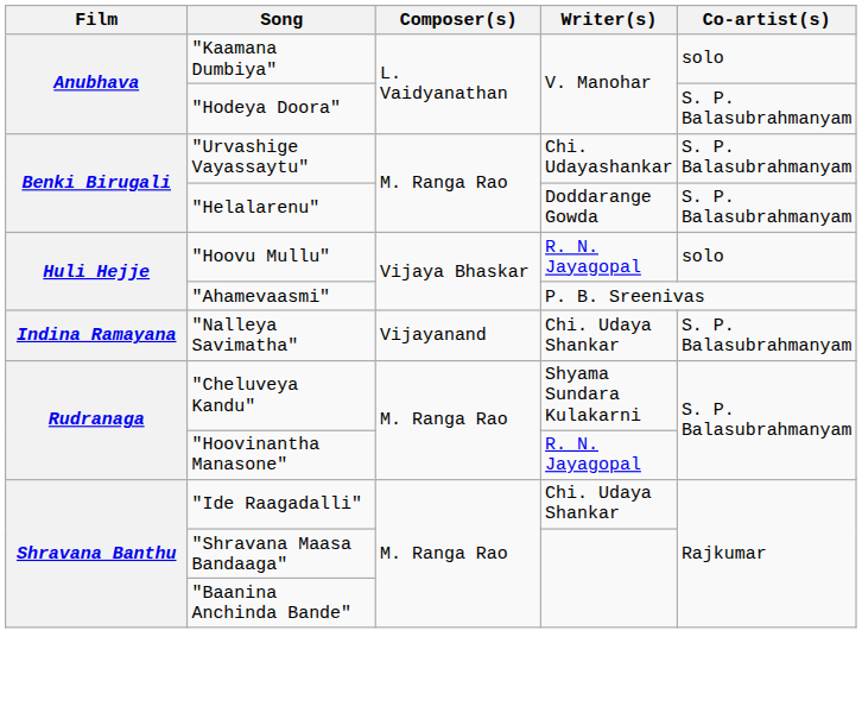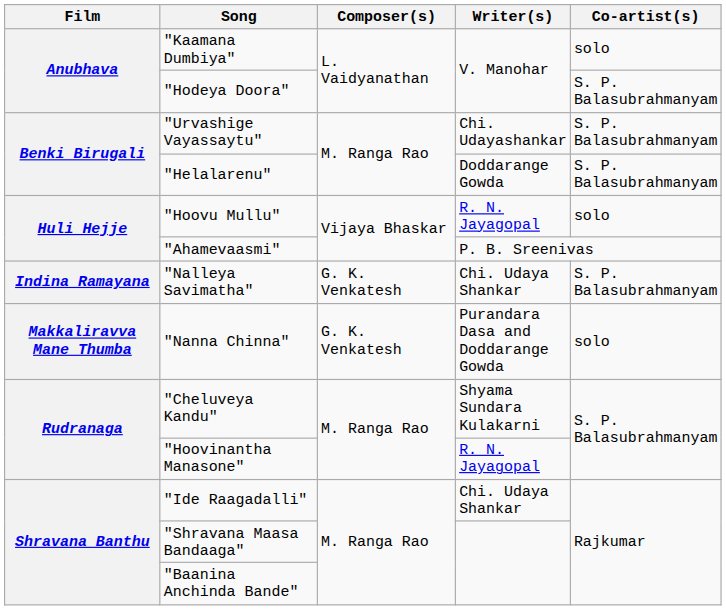 <table class="wikitable plainrowheaders" width="100%" textcolor:#000;">
 <tr style="background:#b0e0e66;">
 <th scope="col" width=23%><strong>Film</strong></th>
 <th scope="col" width=23%><strong>Song</strong></th>
 <th scope="col" width=20%><strong>Composer(s)</strong></th>
 <th scope="col" width=16%><strong>Writer(s)</strong></th>
 <th scope="col" width=18%><strong>Co-artist(s)</strong></th>
 </tr>
 <tr>
 <th Rowspan=2><em><a href='#'>Anubhava</a></em></th>
 <td>"Kaamana Dumbiya"</td>
 <td rowspan=2>L. Vaidyanathan</td>
 <td rowspan=2>V. Manohar</td>
 <td>solo</td>
 </tr>
 <tr>
 <td>"Hodeya Doora"</td>
 <td>S. P. Balasubrahmanyam</td>
 </tr>
 <tr>
 <th Rowspan=2><em><a href='#'>Benki Birugali</a></em></th>
 <td>"Urvashige Vayassaytu"</td>
 <td rowspan=2>M. Ranga Rao</td>
 <td>Chi. Udayashankar</td>
 <td>S. P. Balasubrahmanyam</td>
 </tr>
 <tr>
 <td>"Helalarenu"</td>
 <td>Doddarange Gowda</td>
 <td>S. P. Balasubrahmanyam</td>
 </tr>
 <tr>
 <th Rowspan=2><em><a href='#'>Huli Hejje</a></em></th>
 <td>"Hoovu Mullu"</td>
 <td Rowspan=2>Vijaya Bhaskar</td>
 <td><a href='#'>R. N. Jayagopal</a></td>
 <td>solo</td>
 </tr>
 <tr>
 <td>"Ahamevaasmi"</td>
 <td colspan=2>P. B. Sreenivas</td>
 </tr>
 <tr>
 <th Rowspan=><em><a href='#'>Indina Ramayana</a></em></th>
 <td>"Nalleya Savimatha"</td>
-<td Rowspan=>Vijayanand</td>
+<td>G. K. Venkatesh</td>
 <td rowspan=>Chi. Udaya Shankar</td>
 <td>S. P. Balasubrahmanyam</td>
+</tr>
+<tr>
+<th><em><a href='#'>Makkaliravva Mane Thumba</a></em></th>
+<td>"Nanna Chinna"</td>
+<td>G. K. Venkatesh</td>
+<td>Purandara Dasa and Doddarange Gowda</td>
+<td>solo</td>
 </tr>
 <tr>
 <th Rowspan=2><em><a href='#'>Rudranaga</a></em></th>
 <td>"Cheluveya Kandu"</td>
 <td Rowspan=2>M. Ranga Rao</td>
 <td>Shyama Sundara Kulakarni</td>
 <td rowspan=2>S. P. Balasubrahmanyam</td>
 </tr>
 <tr>
 <td>"Hoovinantha Manasone"</td>
 <td><a href='#'>R. N. Jayagopal</a></td>
 </tr>
 <tr>
 <th Rowspan=3><em><a href='#'>Shravana Banthu</a></em></th>
 <td>"Ide Raagadalli"</td>
 <td rowspan=3>M. Ranga Rao</td>
 <td rowapan=3>Chi. Udaya Shankar</td>
 <td rowspan=3>Rajkumar</td>
 </tr>
 <tr>
 <td>"Shravana Maasa Bandaaga"</td>
 </tr>
 <tr>
 <td>"Baanina Anchinda Bande"</td>
 </tr>
 </table>
